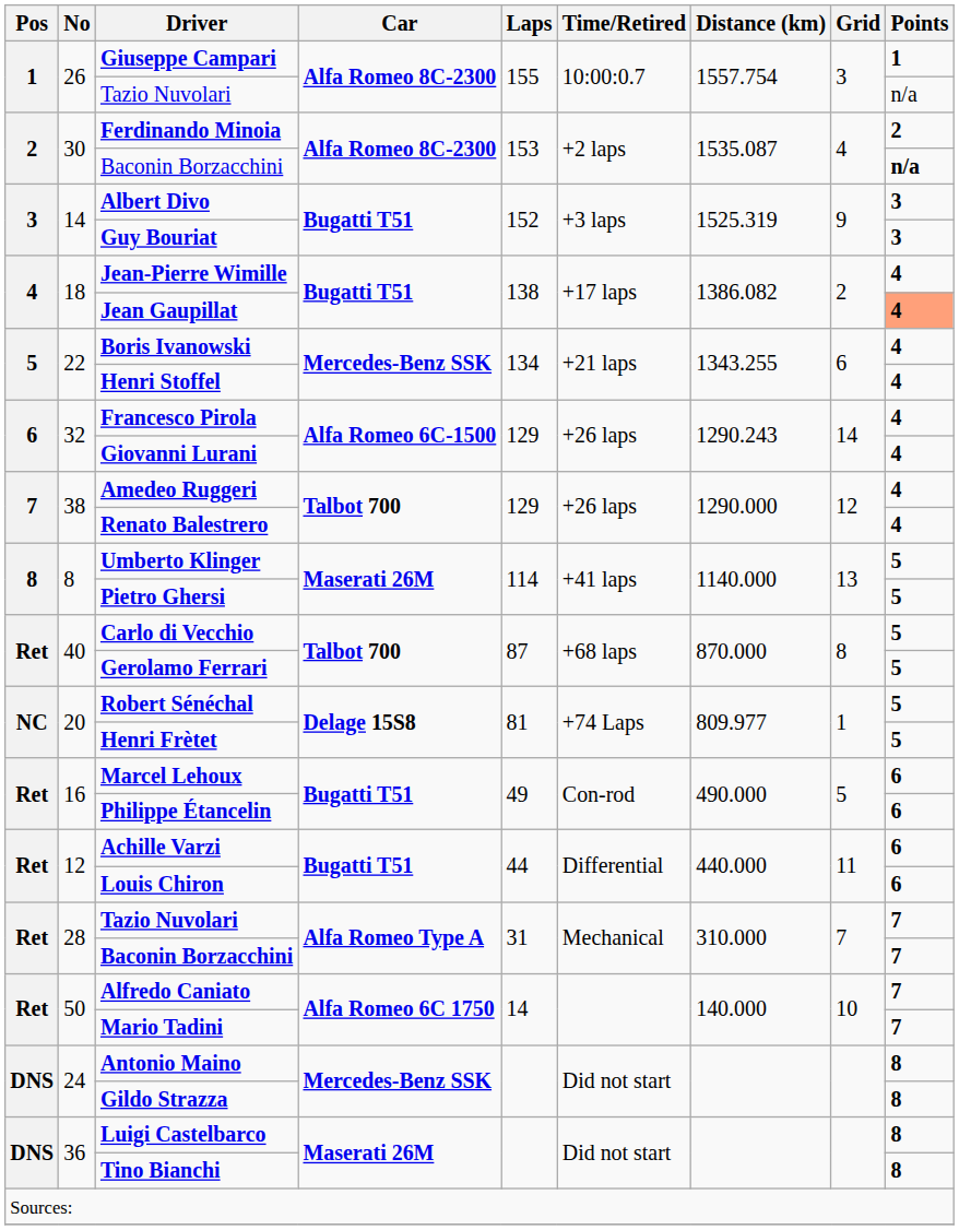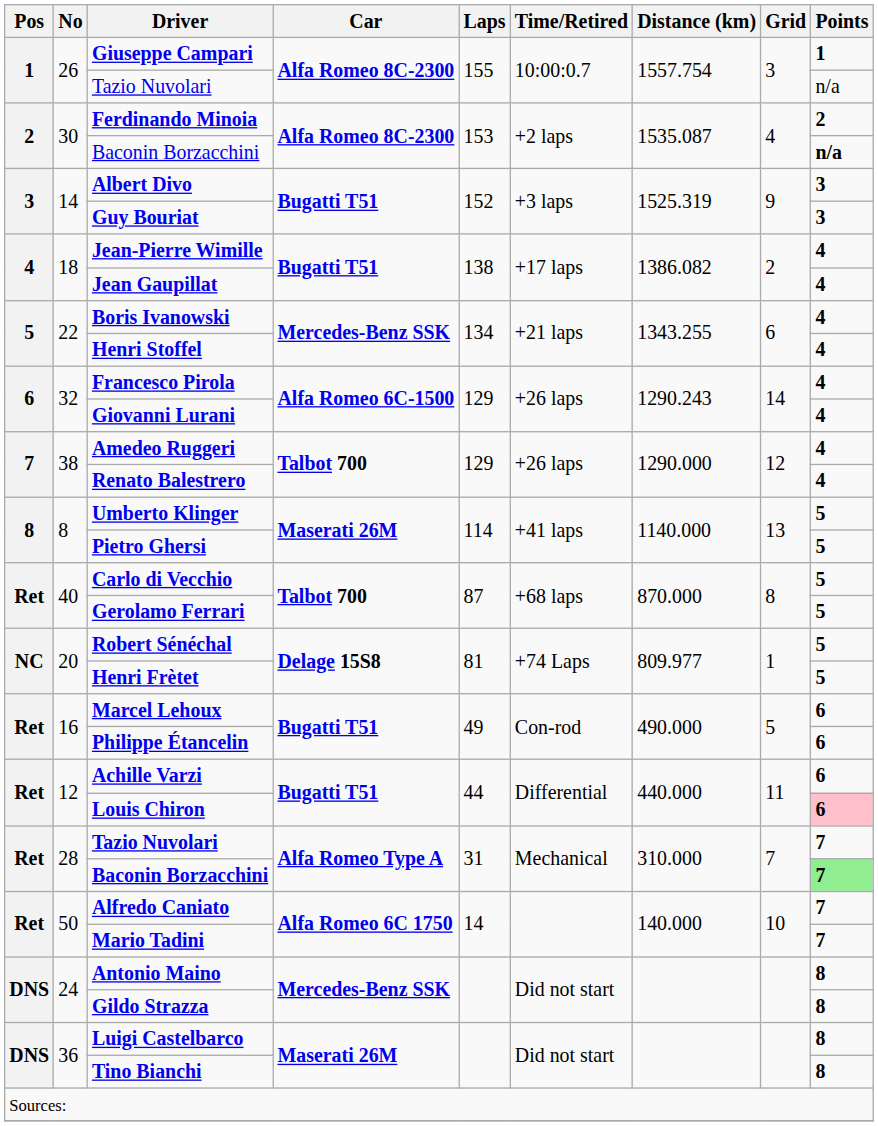 <table class="wikitable" style="font-size: 95%;">
 <tr>
 <th>Pos</th>
 <th>No</th>
 <th>Driver</th>
 <th>Car</th>
 <th>Laps</th>
 <th>Time/Retired</th>
 <th>Distance (km)</th>
 <th>Grid</th>
 <th>Points</th>
 </tr>
 <tr>
 <th rowspan=2>1</th>
 <td rowspan=2>26</td>
 <td> <strong><a href='#'>Giuseppe Campari</a></strong></td>
 <td rowspan=2><strong><a href='#'>Alfa Romeo 8C-2300</a></strong></td>
 <td rowspan=2>155</td>
 <td rowspan=2>10:00:0.7</td>
 <td rowspan=2>1557.754</td>
 <td rowspan=2>3</td>
 <td><strong>1</strong></td>
 </tr>
 <tr>
 <td> <a href='#'>Tazio Nuvolari</a></td>
 <td>n/a</td>
 </tr>
 <tr>
 <th rowspan=2>2</th>
 <td rowspan=2>30</td>
 <td> <strong><a href='#'>Ferdinando Minoia</a></strong></td>
 <td rowspan=2><strong><a href='#'>Alfa Romeo 8C-2300</a></strong></td>
 <td rowspan=2>153</td>
 <td rowspan=2>+2 laps</td>
 <td rowspan=2>1535.087</td>
 <td rowspan=2>4</td>
 <td><strong>2</strong></td>
 </tr>
 <tr>
 <td> <a href='#'>Baconin Borzacchini</a></td>
 <td><strong>n/a</strong></td>
 </tr>
 <tr>
 <th rowspan=2>3</th>
 <td rowspan=2>14</td>
 <td> <strong><a href='#'>Albert Divo</a></strong></td>
 <td rowspan=2><strong><a href='#'>Bugatti T51</a></strong></td>
 <td rowspan=2>152</td>
 <td rowspan=2>+3 laps</td>
 <td rowspan=2>1525.319</td>
 <td rowspan=2>9</td>
 <td><strong>3</strong></td>
 </tr>
 <tr>
 <td> <strong><a href='#'>Guy Bouriat</a></strong></td>
 <td><strong>3</strong></td>
 </tr>
 <tr>
 <th rowspan=2>4</th>
 <td rowspan=2>18</td>
 <td> <strong><a href='#'>Jean-Pierre Wimille</a></strong></td>
 <td rowspan=2><strong><a href='#'>Bugatti T51</a></strong></td>
 <td rowspan=2>138</td>
 <td rowspan=2>+17 laps</td>
 <td rowspan=2>1386.082</td>
 <td rowspan=2>2</td>
 <td><strong>4</strong></td>
 </tr>
 <tr>
 <td> <strong><a href='#'>Jean Gaupillat</a></strong></td>
-<td style="background: lightsalmon;"><strong>4</strong></td>
+<td><strong>4</strong></td>
 </tr>
 <tr>
 <th rowspan=2>5</th>
 <td rowspan=2>22</td>
 <td> <strong><a href='#'>Boris Ivanowski</a></strong></td>
 <td rowspan=2><strong><a href='#'>Mercedes-Benz SSK</a></strong></td>
 <td rowspan=2>134</td>
 <td rowspan=2>+21 laps</td>
 <td rowspan=2>1343.255</td>
 <td rowspan=2>6</td>
 <td><strong>4</strong></td>
 </tr>
 <tr>
 <td> <strong><a href='#'>Henri Stoffel</a></strong></td>
 <td><strong>4</strong></td>
 </tr>
 <tr>
 <th rowspan=2>6</th>
 <td rowspan=2>32</td>
 <td> <strong><a href='#'>Francesco Pirola</a></strong></td>
 <td rowspan=2><strong><a href='#'>Alfa Romeo 6C-1500</a></strong></td>
 <td rowspan=2>129</td>
 <td rowspan=2>+26 laps</td>
 <td rowspan=2>1290.243</td>
 <td rowspan=2>14</td>
 <td><strong>4</strong></td>
 </tr>
 <tr>
 <td> <strong><a href='#'>Giovanni Lurani</a></strong></td>
 <td><strong>4</strong></td>
 </tr>
 <tr>
 <th rowspan=2>7</th>
 <td rowspan=2>38</td>
 <td> <strong><a href='#'>Amedeo Ruggeri</a></strong></td>
 <td rowspan=2><strong><a href='#'>Talbot</a> 700</strong></td>
 <td rowspan=2>129</td>
 <td rowspan=2>+26 laps</td>
 <td rowspan=2>1290.000</td>
 <td rowspan=2>12</td>
 <td><strong>4</strong></td>
 </tr>
 <tr>
 <td> <strong><a href='#'>Renato Balestrero</a></strong></td>
 <td><strong>4</strong></td>
 </tr>
 <tr>
 <th rowspan=2>8</th>
 <td rowspan=2>8</td>
 <td> <strong><a href='#'>Umberto Klinger</a></strong></td>
 <td rowspan=2><strong><a href='#'>Maserati 26M</a></strong></td>
 <td rowspan=2>114</td>
 <td rowspan=2>+41 laps</td>
 <td rowspan=2>1140.000</td>
 <td rowspan=2>13</td>
 <td><strong>5</strong></td>
 </tr>
 <tr>
 <td> <strong><a href='#'>Pietro Ghersi</a></strong></td>
 <td><strong>5</strong></td>
 </tr>
 <tr>
 <th rowspan=2>Ret</th>
 <td rowspan=2>40</td>
 <td> <strong><a href='#'>Carlo di Vecchio</a></strong></td>
 <td rowspan=2><strong><a href='#'>Talbot</a> 700</strong></td>
 <td rowspan=2>87</td>
 <td rowspan=2>+68 laps</td>
 <td rowspan=2>870.000</td>
 <td rowspan=2>8</td>
 <td><strong>5</strong></td>
 </tr>
 <tr>
 <td> <strong><a href='#'>Gerolamo Ferrari</a></strong></td>
 <td><strong>5</strong></td>
 </tr>
 <tr>
 <th rowspan=2>NC</th>
 <td rowspan=2>20</td>
 <td> <strong><a href='#'>Robert Sénéchal</a></strong></td>
 <td rowspan=2><strong><a href='#'>Delage</a> 15S8</strong></td>
 <td rowspan=2>81</td>
 <td rowspan=2>+74 Laps</td>
 <td rowspan=2>809.977</td>
 <td rowspan=2>1</td>
 <td><strong>5</strong></td>
 </tr>
 <tr>
 <td> <strong><a href='#'>Henri Frètet</a></strong></td>
 <td><strong>5</strong></td>
 </tr>
 <tr>
 <th rowspan=2>Ret</th>
 <td rowspan=2>16</td>
 <td> <strong><a href='#'>Marcel Lehoux</a></strong></td>
 <td rowspan=2><strong><a href='#'>Bugatti T51</a></strong></td>
 <td rowspan=2>49</td>
 <td rowspan=2>Con-rod</td>
 <td rowspan=2>490.000</td>
 <td rowspan=2>5</td>
 <td><strong>6</strong></td>
 </tr>
 <tr>
 <td> <strong><a href='#'>Philippe Étancelin</a></strong></td>
 <td><strong>6</strong></td>
 </tr>
 <tr>
 <th rowspan=2>Ret</th>
 <td rowspan=2>12</td>
 <td> <strong><a href='#'>Achille Varzi</a></strong></td>
 <td rowspan=2><strong><a href='#'>Bugatti T51</a></strong></td>
 <td rowspan=2>44</td>
 <td rowspan=2>Differential</td>
 <td rowspan=2>440.000</td>
 <td rowspan=2>11</td>
 <td><strong>6</strong></td>
 </tr>
 <tr>
 <td> <strong><a href='#'>Louis Chiron</a></strong></td>
-<td><strong>6</strong></td>
+<td style="background: pink;"><strong>6</strong></td>
 </tr>
 <tr>
 <th rowspan=2>Ret</th>
 <td rowspan=2>28</td>
 <td> <strong><a href='#'>Tazio Nuvolari</a></strong></td>
 <td rowspan=2><strong><a href='#'>Alfa Romeo Type A</a></strong></td>
 <td rowspan=2>31</td>
 <td rowspan=2>Mechanical</td>
 <td rowspan=2>310.000</td>
 <td rowspan=2>7</td>
 <td><strong>7</strong></td>
 </tr>
 <tr>
 <td> <strong><a href='#'>Baconin Borzacchini</a></strong></td>
-<td><strong>7</strong></td>
+<td style="background: lightgreen;"><strong>7</strong></td>
 </tr>
 <tr>
 <th rowspan=2>Ret</th>
 <td rowspan=2>50</td>
 <td> <strong><a href='#'>Alfredo Caniato</a></strong></td>
 <td rowspan=2><strong><a href='#'>Alfa Romeo 6C 1750</a></strong></td>
 <td rowspan=2>14</td>
 <td rowspan=2></td>
 <td rowspan=2>140.000</td>
 <td rowspan=2>10</td>
 <td><strong>7</strong></td>
 </tr>
 <tr>
 <td> <strong><a href='#'>Mario Tadini</a></strong></td>
 <td><strong>7</strong></td>
 </tr>
 <tr>
 <th rowspan=2>DNS</th>
 <td rowspan=2>24</td>
 <td> <strong><a href='#'>Antonio Maino</a></strong></td>
 <td rowspan=2><strong><a href='#'>Mercedes-Benz SSK</a></strong></td>
 <td rowspan=2></td>
 <td rowspan=2>Did not start</td>
 <td rowspan=2></td>
 <td rowspan=2></td>
 <td><strong>8</strong></td>
 </tr>
 <tr>
 <td> <strong><a href='#'>Gildo Strazza</a></strong></td>
 <td><strong>8</strong></td>
 </tr>
 <tr>
 <th rowspan=2>DNS</th>
 <td rowspan=2>36</td>
 <td> <strong><a href='#'>Luigi Castelbarco</a></strong></td>
 <td rowspan=2><strong><a href='#'>Maserati 26M</a></strong></td>
 <td rowspan=2></td>
 <td rowspan=2>Did not start</td>
 <td rowspan=2></td>
 <td rowspan=2></td>
 <td><strong>8</strong></td>
 </tr>
 <tr>
 <td> <strong><a href='#'>Tino Bianchi</a></strong></td>
 <td><strong>8</strong></td>
 </tr>
 <tr>
 <td colspan=9><small>Sources:</small></td>
 </tr>
 <tr>
 </tr>
 </table>
